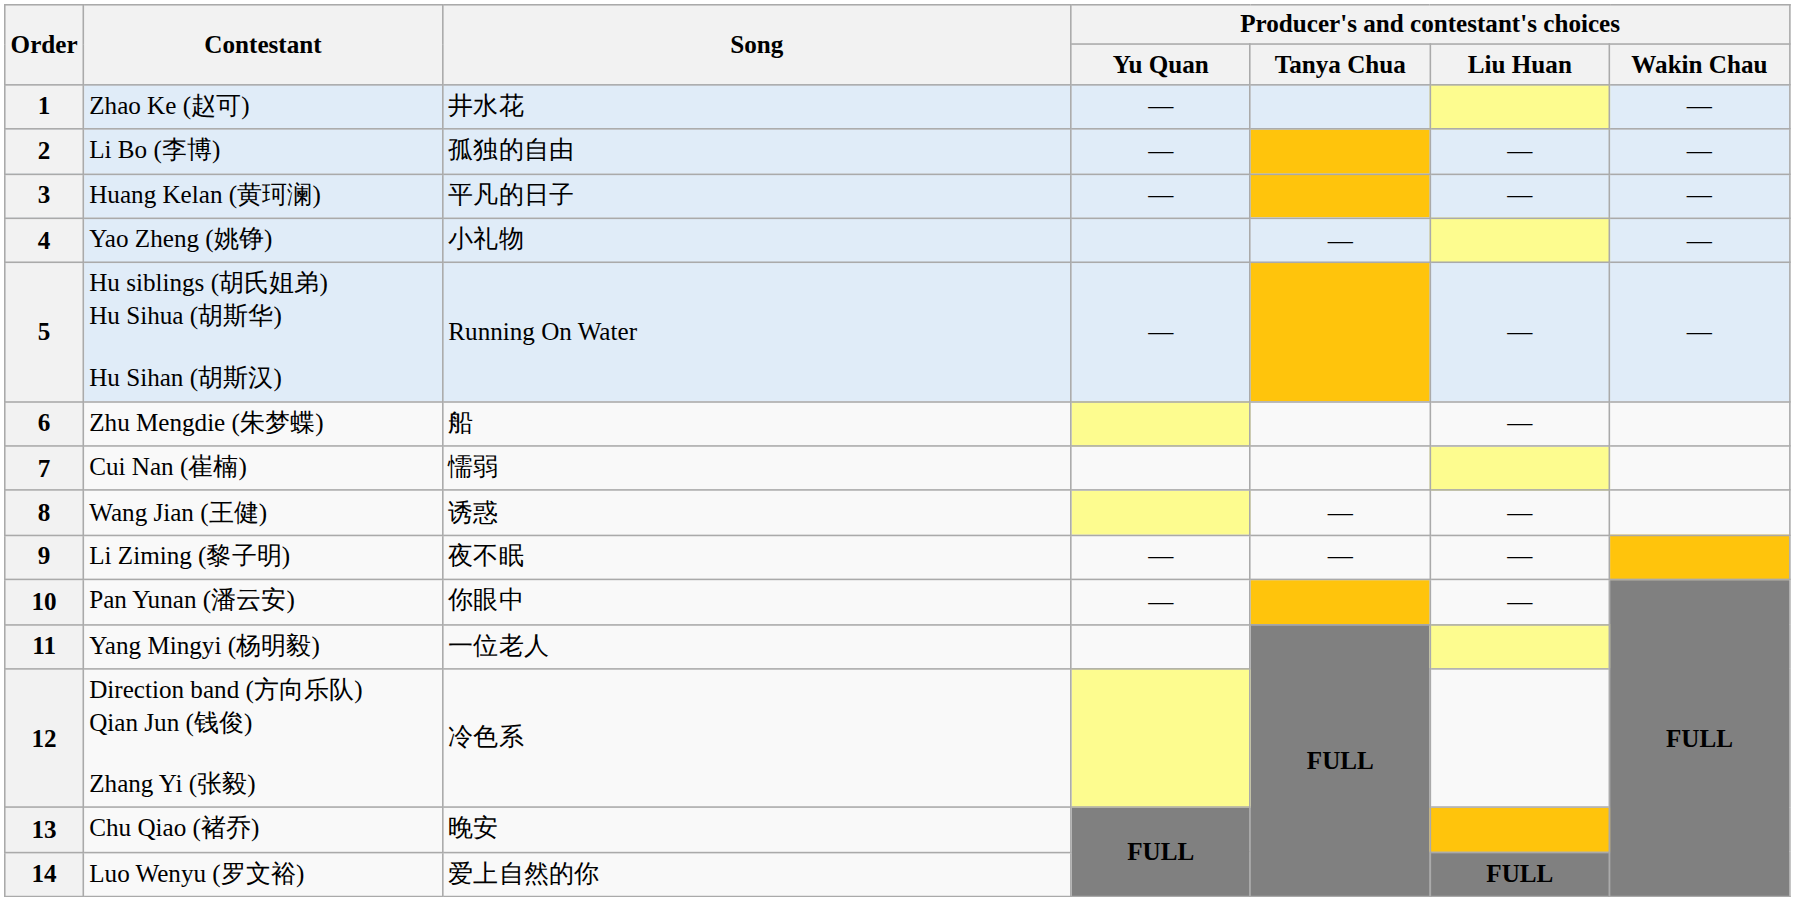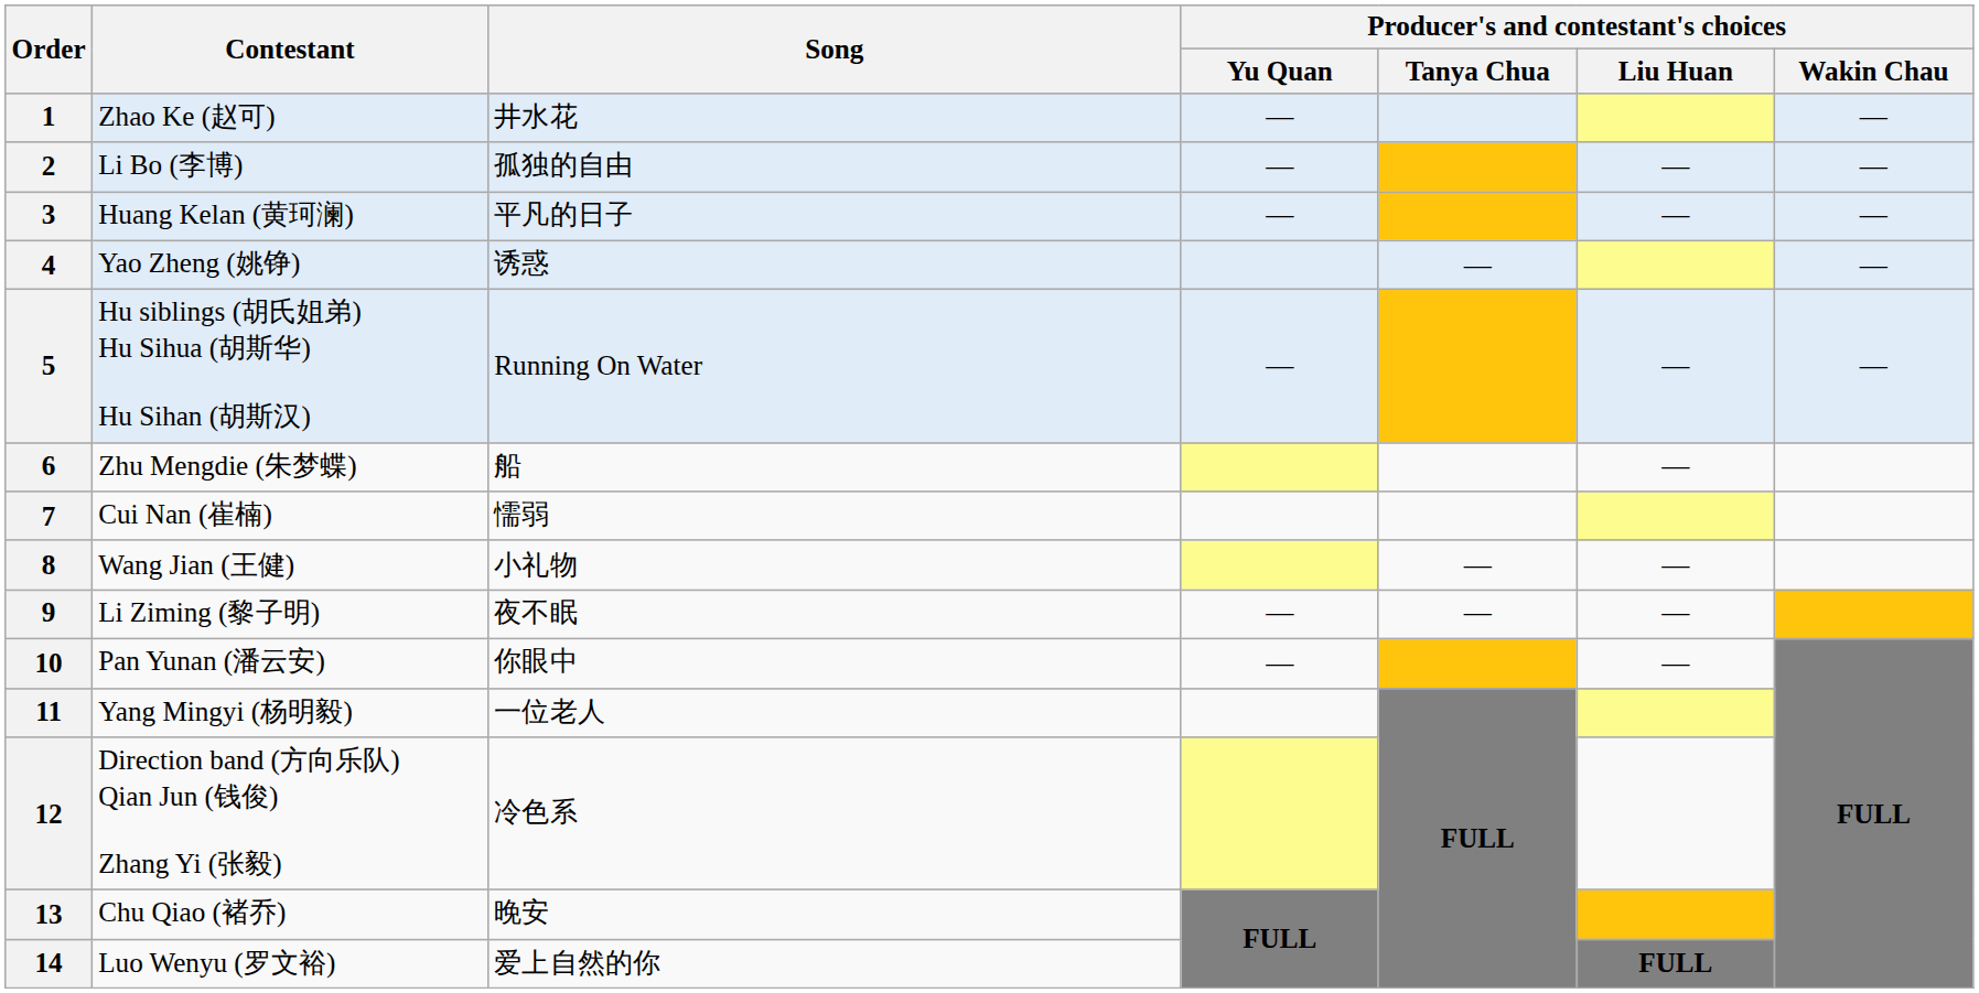 <table class="wikitable" style="width:90%;">
 <tr>
 <th rowspan="2" width="1%">Order</th>
 <th rowspan="2" width="20%">Contestant</th>
 <th rowspan="2" width="35%">Song</th>
 <th colspan="4" width="40%">Producer's and contestant's choices</th>
 </tr>
 <tr>
 <th width="10%"><strong>Yu Quan</strong></th>
 <th width="10%"><strong>Tanya Chua</strong></th>
 <th width="10%"><strong>Liu Huan</strong></th>
 <th width="10%"><strong>Wakin Chau</strong></th>
 </tr>
 <tr style="background:#E0ECF8;">
 <th>1</th>
 <td>Zhao Ke (赵可)<br></td>
 <td>井水花<br></td>
 <td style="text-align:center;">—</td>
 <td style="text-align:center;"></td>
 <td style="background:#FDFC8F;text-align:center;"></td>
 <td style="text-align:center;">—</td>
 </tr>
 <tr style="background:#E0ECF8;">
 <th>2</th>
 <td>Li Bo (李博)<br></td>
 <td>孤独的自由<br></td>
 <td style="text-align:center;">—</td>
 <td style="background:#FFC40C;text-align:center;"></td>
 <td style="text-align:center;">—</td>
 <td style="text-align:center;">—</td>
 </tr>
 <tr style="background:#E0ECF8;">
 <th>3</th>
 <td>Huang Kelan (黄珂澜)<br></td>
 <td>平凡的日子<br></td>
 <td style="text-align:center;">—</td>
 <td style="background:#FFC40C;text-align:center;"></td>
 <td style="text-align:center;">—</td>
 <td style="text-align:center;">—</td>
 </tr>
 <tr style="background:#E0ECF8;">
 <th>4</th>
 <td>Yao Zheng (姚铮)<br></td>
-<td>小礼物<br></td>
+<td>诱惑<br></td>
 <td style="text-align:center;"></td>
 <td style="text-align:center;">—</td>
 <td style="background:#FDFC8F;text-align:center;"></td>
 <td style="text-align:center;">—</td>
 </tr>
 <tr style="background:#E0ECF8;">
 <th>5</th>
 <td>Hu siblings (胡氏姐弟)<br>Hu Sihua (胡斯华)<br><br>Hu Sihan (胡斯汉)<br></td>
 <td>Running On Water</td>
 <td style="text-align:center;">—</td>
 <td style="background:#FFC40C;text-align:center;"></td>
 <td style="text-align:center;">—</td>
 <td style="text-align:center;">—</td>
 </tr>
 <tr>
 <th>6</th>
 <td>Zhu Mengdie (朱梦蝶)<br></td>
 <td>船<br></td>
 <td style="background:#FDFC8F;text-align:center;"></td>
 <td style="text-align:center;"></td>
 <td style="text-align:center;">—</td>
 <td style="text-align:center;"></td>
 </tr>
 <tr>
 <th>7</th>
 <td>Cui Nan (崔楠)<br></td>
 <td>懦弱<br></td>
 <td style="text-align:center;"></td>
 <td style="text-align:center;"></td>
 <td style="background:#FDFC8F;text-align:center;"></td>
 <td style="text-align:center;"></td>
 </tr>
 <tr>
 <th>8</th>
 <td>Wang Jian (王健)<br></td>
-<td>诱惑<br></td>
+<td>小礼物<br></td>
 <td style="background:#FDFC8F;text-align:center;"></td>
 <td style="text-align:center;">—</td>
 <td style="text-align:center;">—</td>
 <td style="text-align:center;"></td>
 </tr>
 <tr>
 <th>9</th>
 <td>Li Ziming (黎子明)<br></td>
 <td>夜不眠<br></td>
 <td style="text-align:center;">—</td>
 <td style="text-align:center;">—</td>
 <td style="text-align:center;">—</td>
 <td style="background:#FFC40C;text-align:center;"></td>
 </tr>
 <tr>
 <th>10</th>
 <td>Pan Yunan (潘云安)<br></td>
 <td>你眼中<br></td>
 <td style="text-align:center;">—</td>
 <td style="background:#FFC40C;text-align:center;"></td>
 <td style="text-align:center;">—</td>
 <td rowspan="5" style="background:grey;text-align:center;"><strong>FULL</strong></td>
 </tr>
 <tr>
 <th>11</th>
 <td>Yang Mingyi (杨明毅)<br></td>
 <td>一位老人<br></td>
 <td style="text-align:center;"></td>
 <td rowspan="4" style="background:grey;text-align:center;"><strong>FULL</strong></td>
 <td style="background:#FDFC8F;text-align:center;"></td>
 </tr>
 <tr>
 <th>12</th>
 <td>Direction band (方向乐队)<br>Qian Jun (钱俊)<br><br>Zhang Yi (张毅)<br></td>
 <td>冷色系<br></td>
 <td style="background:#FDFC8F;text-align:center;"></td>
 <td style="text-align:center;"></td>
 </tr>
 <tr>
 <th>13</th>
 <td>Chu Qiao (褚乔)<br></td>
 <td>晚安<br></td>
 <td rowspan="2" style="background:grey;text-align:center;"><strong>FULL</strong></td>
 <td style="background:#FFC40C;text-align:center;"></td>
 </tr>
 <tr>
 <th>14</th>
 <td>Luo Wenyu (罗文裕)<br></td>
 <td>爱上自然的你<br></td>
 <td rowspan="1" style="background:grey;text-align:center;"><strong>FULL</strong></td>
 </tr>
 </table>
